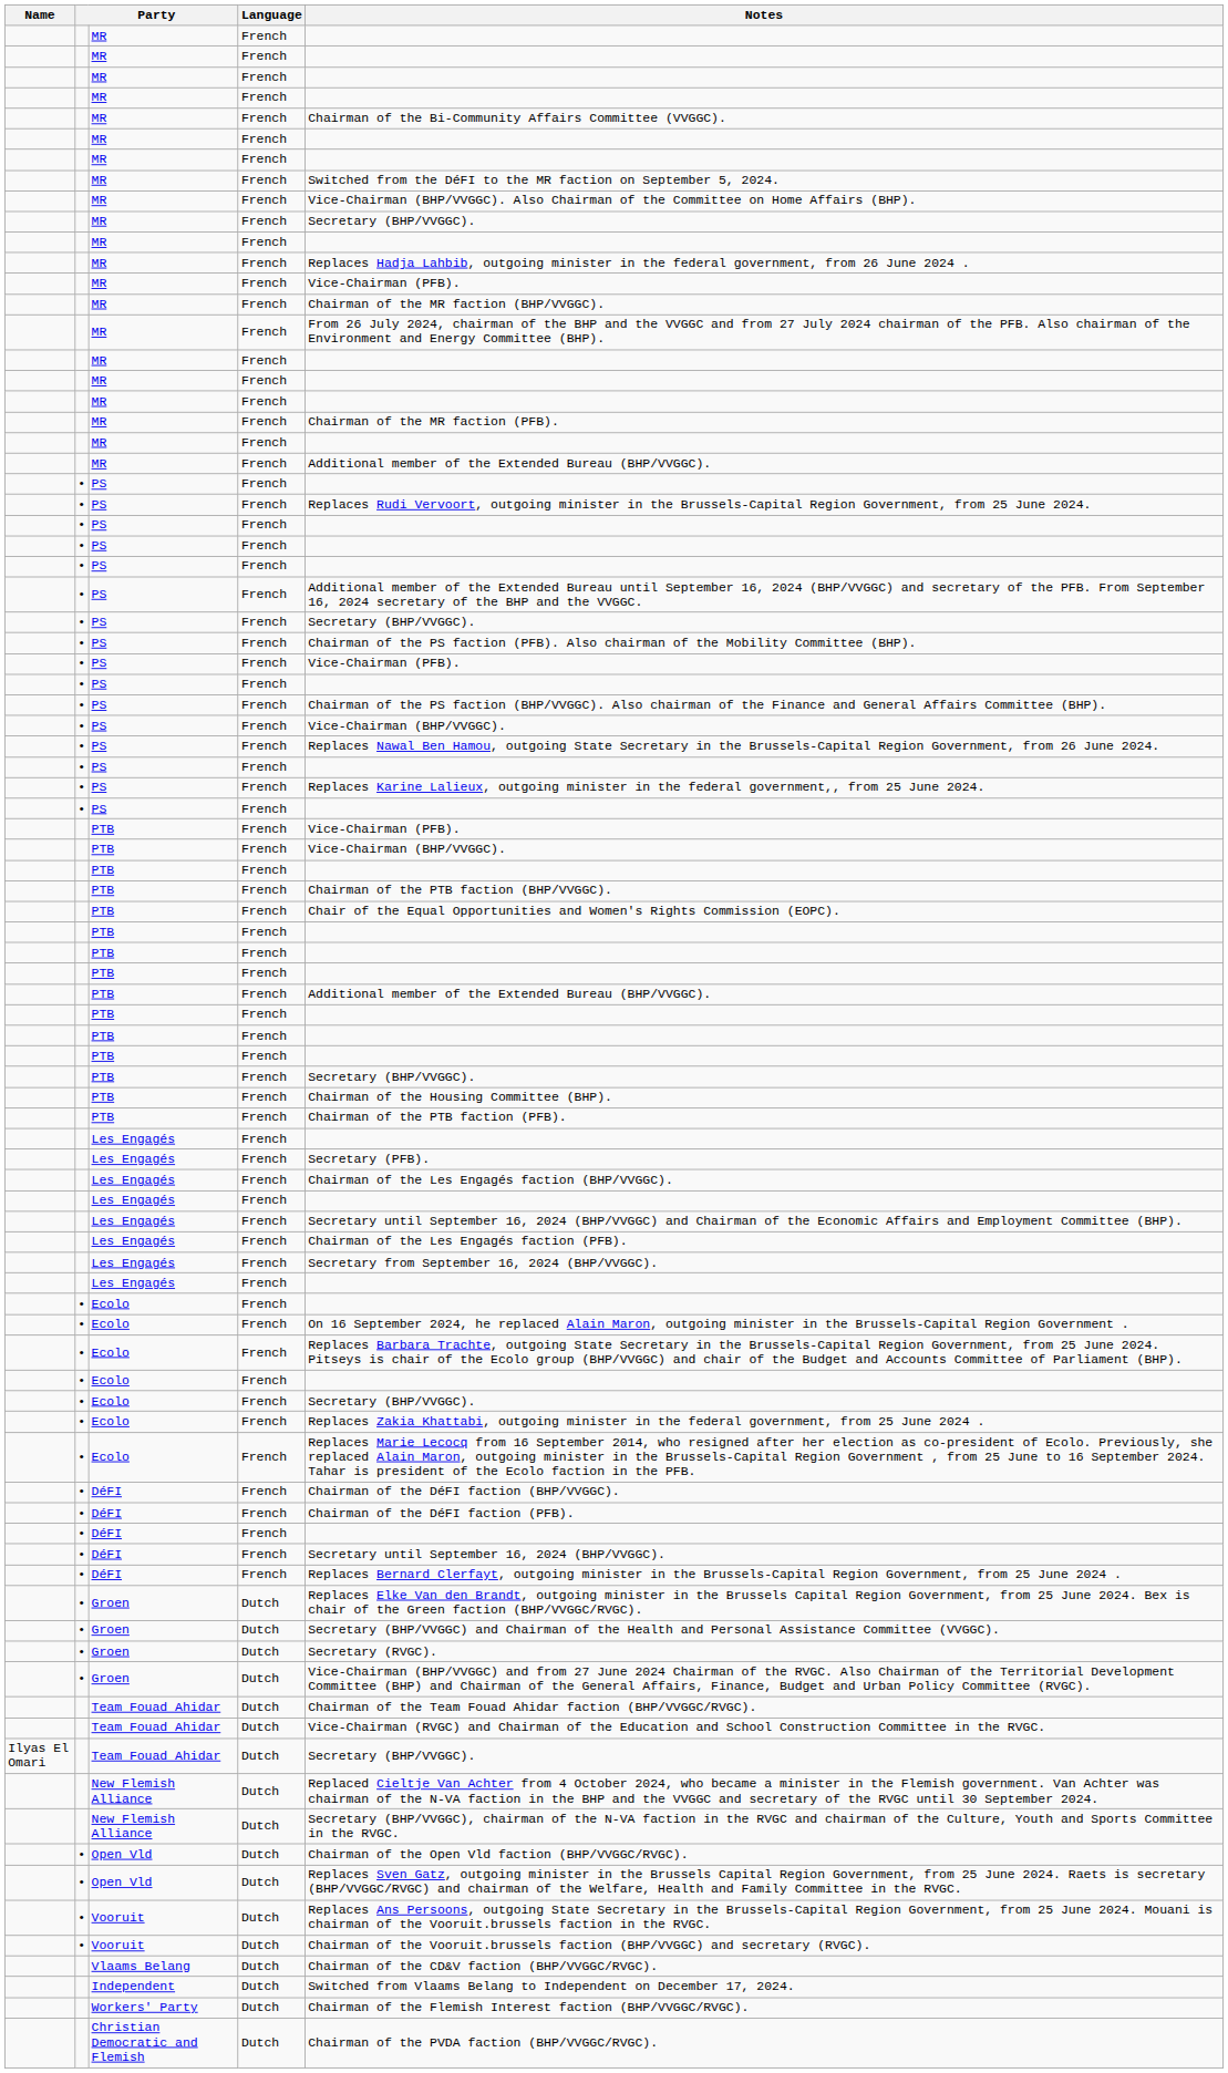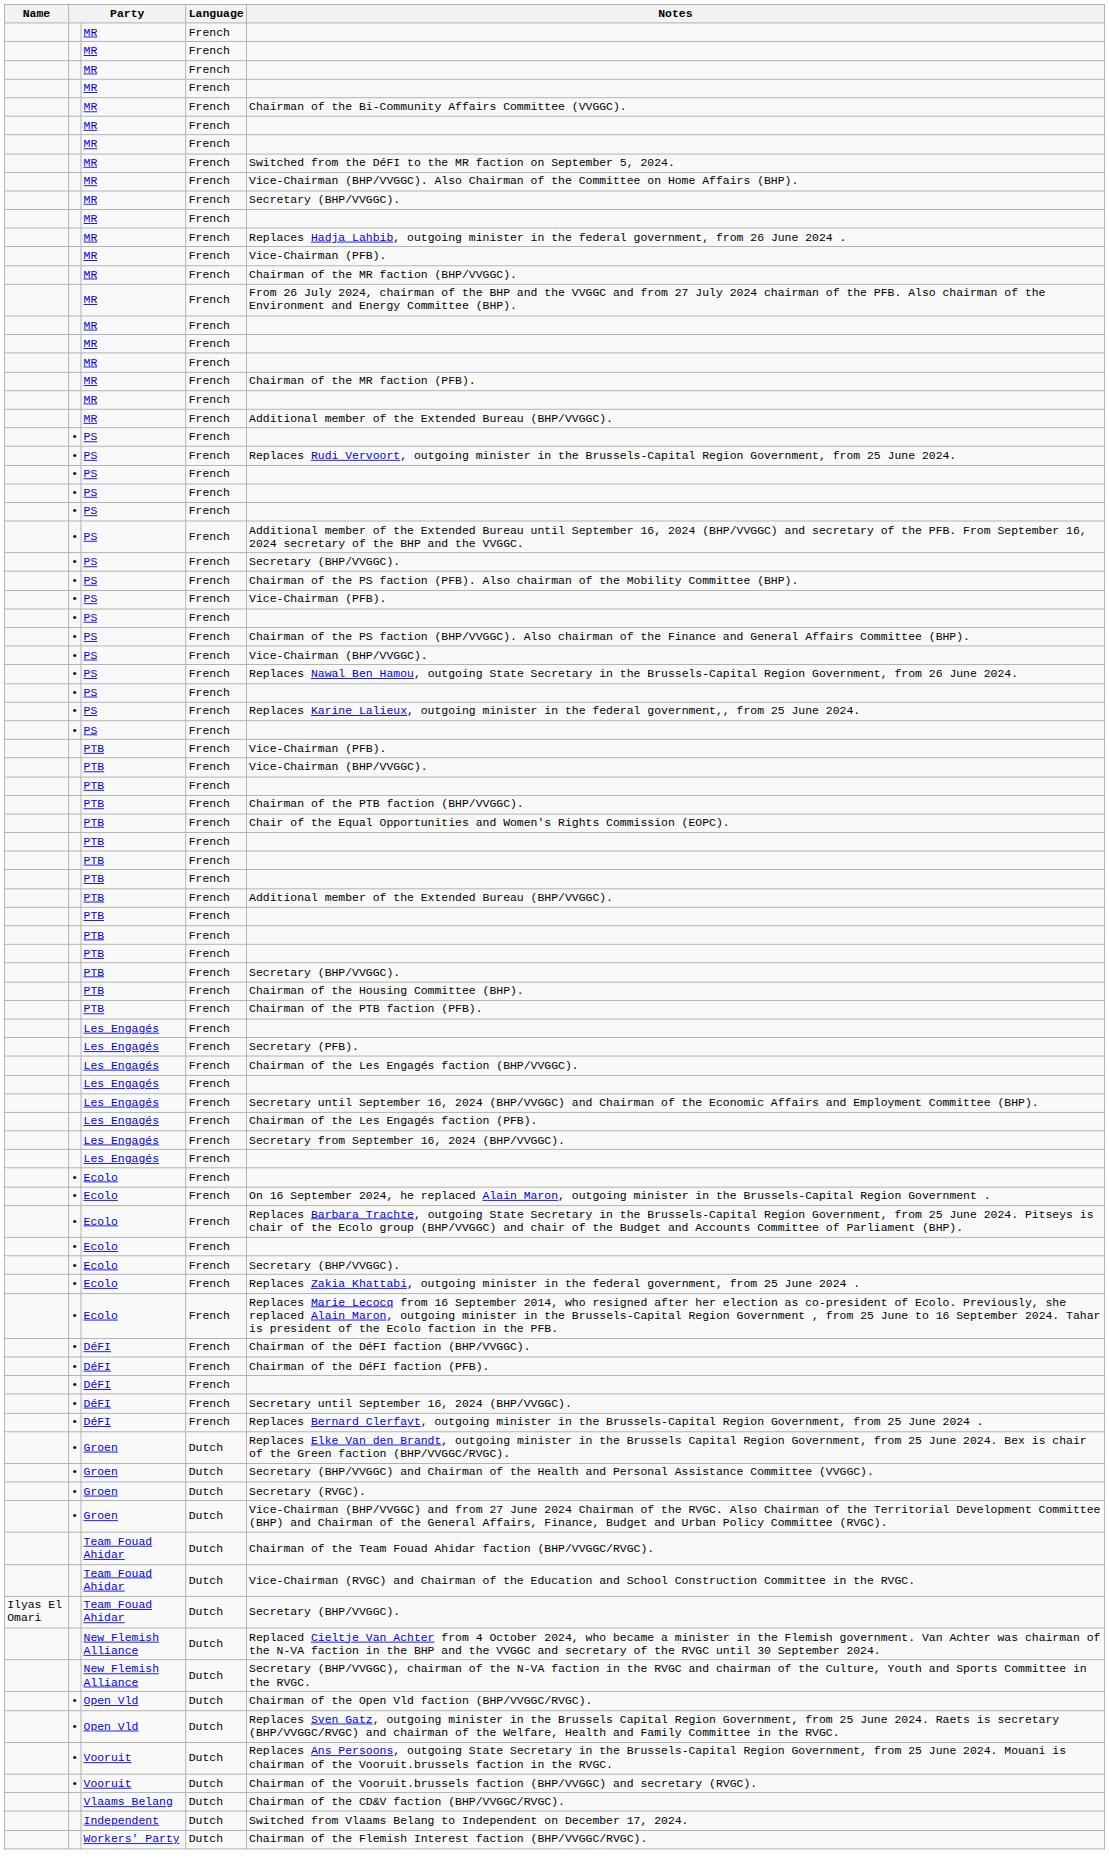 <table class="wikitable sortable">
 <tr>
 <th>Name</th>
 <th colspan="2">Party</th>
 <th>Language</th>
 <th>Notes</th>
 </tr>
 <tr>
 <td></td>
 <td></td>
 <td><a href='#'>MR</a></td>
 <td>French</td>
 <td></td>
 </tr>
 <tr>
 <td></td>
 <td></td>
 <td><a href='#'>MR</a></td>
 <td>French</td>
 <td></td>
 </tr>
 <tr>
 <td></td>
 <td></td>
 <td><a href='#'>MR</a></td>
 <td>French</td>
 <td></td>
 </tr>
 <tr>
 <td></td>
 <td></td>
 <td><a href='#'>MR</a></td>
 <td>French</td>
 <td></td>
 </tr>
 <tr>
 <td></td>
 <td></td>
 <td><a href='#'>MR</a></td>
 <td>French</td>
 <td>Chairman of the Bi-Community Affairs Committee (VVGGC).</td>
 </tr>
 <tr>
 <td></td>
 <td></td>
 <td><a href='#'>MR</a></td>
 <td>French</td>
 <td></td>
 </tr>
 <tr>
 <td></td>
 <td></td>
 <td><a href='#'>MR</a></td>
 <td>French</td>
 <td></td>
 </tr>
 <tr>
 <td></td>
 <td></td>
 <td><a href='#'>MR</a></td>
 <td>French</td>
 <td>Switched from the DéFI to the MR faction on September 5, 2024.</td>
 </tr>
 <tr>
 <td></td>
 <td></td>
 <td><a href='#'>MR</a></td>
 <td>French</td>
 <td>Vice-Chairman (BHP/VVGGC). Also Chairman of the Committee on Home Affairs (BHP).</td>
 </tr>
 <tr>
 <td></td>
 <td></td>
 <td><a href='#'>MR</a></td>
 <td>French</td>
 <td>Secretary (BHP/VVGGC).</td>
 </tr>
 <tr>
 <td></td>
 <td></td>
 <td><a href='#'>MR</a></td>
 <td>French</td>
 <td></td>
 </tr>
 <tr>
 <td></td>
 <td></td>
 <td><a href='#'>MR</a></td>
 <td>French</td>
 <td>Replaces <a href='#'>Hadja Lahbib</a>, outgoing minister in the federal government, from 26 June 2024 .</td>
 </tr>
 <tr>
 <td></td>
 <td></td>
 <td><a href='#'>MR</a></td>
 <td>French</td>
 <td>Vice-Chairman (PFB).</td>
 </tr>
 <tr>
 <td></td>
 <td></td>
 <td><a href='#'>MR</a></td>
 <td>French</td>
 <td>Chairman of the MR faction (BHP/VVGGC).</td>
 </tr>
 <tr>
 <td></td>
 <td></td>
 <td><a href='#'>MR</a></td>
 <td>French</td>
 <td>From 26 July 2024, chairman of the BHP and the VVGGC and from 27 July 2024 chairman of the PFB. Also chairman of the Environment and Energy Committee (BHP).</td>
 </tr>
 <tr>
 <td></td>
 <td></td>
 <td><a href='#'>MR</a></td>
 <td>French</td>
 <td></td>
 </tr>
 <tr>
 <td></td>
 <td></td>
 <td><a href='#'>MR</a></td>
 <td>French</td>
 <td></td>
 </tr>
 <tr>
 <td></td>
 <td></td>
 <td><a href='#'>MR</a></td>
 <td>French</td>
 <td></td>
 </tr>
 <tr>
 <td></td>
 <td></td>
 <td><a href='#'>MR</a></td>
 <td>French</td>
 <td>Chairman of the MR faction (PFB).</td>
 </tr>
 <tr>
 <td></td>
 <td></td>
 <td><a href='#'>MR</a></td>
 <td>French</td>
 <td></td>
 </tr>
 <tr>
 <td></td>
 <td></td>
 <td><a href='#'>MR</a></td>
 <td>French</td>
 <td>Additional member of the Extended Bureau (BHP/VVGGC).</td>
 </tr>
 <tr>
 <td></td>
 <td><span>•</span></td>
 <td><a href='#'>PS</a></td>
 <td>French</td>
 </tr>
 <tr>
 <td></td>
 <td><span>•</span></td>
 <td><a href='#'>PS</a></td>
 <td>French</td>
 <td>Replaces <a href='#'>Rudi Vervoort</a>, outgoing minister in the Brussels-Capital Region Government, from 25 June 2024.</td>
 </tr>
 <tr>
 <td></td>
 <td><span>•</span></td>
 <td><a href='#'>PS</a></td>
 <td>French</td>
 <td></td>
 </tr>
 <tr>
 <td></td>
 <td><span>•</span></td>
 <td><a href='#'>PS</a></td>
 <td>French</td>
 <td></td>
 </tr>
 <tr>
 <td></td>
 <td><span>•</span></td>
 <td><a href='#'>PS</a></td>
 <td>French</td>
 <td></td>
 </tr>
 <tr>
 <td></td>
 <td><span>•</span></td>
 <td><a href='#'>PS</a></td>
 <td>French</td>
 <td>Additional member of the Extended Bureau until September 16, 2024 (BHP/VVGGC) and secretary of the PFB. From September 16, 2024 secretary of the BHP and the VVGGC.</td>
 </tr>
 <tr>
 <td></td>
 <td><span>•</span></td>
 <td><a href='#'>PS</a></td>
 <td>French</td>
 <td>Secretary (BHP/VVGGC).</td>
 </tr>
 <tr>
 <td></td>
 <td><span>•</span></td>
 <td><a href='#'>PS</a></td>
 <td>French</td>
 <td>Chairman of the PS faction (PFB). Also chairman of the Mobility Committee (BHP).</td>
 </tr>
 <tr>
 <td></td>
 <td><span>•</span></td>
 <td><a href='#'>PS</a></td>
 <td>French</td>
 <td>Vice-Chairman (PFB).</td>
 </tr>
 <tr>
 <td></td>
 <td><span>•</span></td>
 <td><a href='#'>PS</a></td>
 <td>French</td>
 <td></td>
 </tr>
 <tr>
 <td></td>
 <td><span>•</span></td>
 <td><a href='#'>PS</a></td>
 <td>French</td>
 <td>Chairman of the PS faction (BHP/VVGGC). Also chairman of the Finance and General Affairs Committee (BHP).</td>
 </tr>
 <tr>
 <td></td>
 <td><span>•</span></td>
 <td><a href='#'>PS</a></td>
 <td>French</td>
 <td>Vice-Chairman (BHP/VVGGC).</td>
 </tr>
 <tr>
 <td></td>
 <td><span>•</span></td>
 <td><a href='#'>PS</a></td>
 <td>French</td>
 <td>Replaces <a href='#'>Nawal Ben Hamou</a>, outgoing State Secretary in the Brussels-Capital Region Government, from 26 June 2024.</td>
 </tr>
 <tr>
 <td></td>
 <td><span>•</span></td>
 <td><a href='#'>PS</a></td>
 <td>French</td>
 <td></td>
 </tr>
 <tr>
 <td></td>
 <td><span>•</span></td>
 <td><a href='#'>PS</a></td>
 <td>French</td>
 <td>Replaces <a href='#'>Karine Lalieux</a>, outgoing minister in the federal government,, from 25 June 2024.</td>
 </tr>
 <tr>
 <td></td>
 <td><span>•</span></td>
 <td><a href='#'>PS</a></td>
 <td>French</td>
 <td></td>
 </tr>
 <tr>
 <td></td>
 <td></td>
 <td><a href='#'>PTB</a></td>
 <td>French</td>
 <td>Vice-Chairman (PFB).</td>
 </tr>
 <tr>
 <td></td>
 <td></td>
 <td><a href='#'>PTB</a></td>
 <td>French</td>
 <td>Vice-Chairman (BHP/VVGGC).</td>
 </tr>
 <tr>
 <td></td>
 <td></td>
 <td><a href='#'>PTB</a></td>
 <td>French</td>
 <td></td>
 </tr>
 <tr>
 <td></td>
 <td></td>
 <td><a href='#'>PTB</a></td>
 <td>French</td>
 <td>Chairman of the PTB faction (BHP/VVGGC).</td>
 </tr>
 <tr>
 <td></td>
 <td></td>
 <td><a href='#'>PTB</a></td>
 <td>French</td>
 <td>Chair of the Equal Opportunities and Women's Rights Commission (EOPC).</td>
 </tr>
 <tr>
 <td></td>
 <td></td>
 <td><a href='#'>PTB</a></td>
 <td>French</td>
 <td></td>
 </tr>
 <tr>
 <td></td>
 <td></td>
 <td><a href='#'>PTB</a></td>
 <td>French</td>
 <td></td>
 </tr>
 <tr>
 <td></td>
 <td></td>
 <td><a href='#'>PTB</a></td>
 <td>French</td>
 <td></td>
 </tr>
 <tr>
 <td></td>
 <td></td>
 <td><a href='#'>PTB</a></td>
 <td>French</td>
 <td>Additional member of the Extended Bureau (BHP/VVGGC).</td>
 </tr>
 <tr>
 <td></td>
 <td></td>
 <td><a href='#'>PTB</a></td>
 <td>French</td>
 <td></td>
 </tr>
 <tr>
 <td></td>
 <td></td>
 <td><a href='#'>PTB</a></td>
 <td>French</td>
 <td></td>
 </tr>
 <tr>
 <td></td>
 <td></td>
 <td><a href='#'>PTB</a></td>
 <td>French</td>
 <td></td>
 </tr>
 <tr>
 <td></td>
 <td></td>
 <td><a href='#'>PTB</a></td>
 <td>French</td>
 <td>Secretary (BHP/VVGGC).</td>
 </tr>
 <tr>
 <td></td>
 <td></td>
 <td><a href='#'>PTB</a></td>
 <td>French</td>
 <td>Chairman of the Housing Committee (BHP).</td>
 </tr>
 <tr>
 <td></td>
 <td></td>
 <td><a href='#'>PTB</a></td>
 <td>French</td>
 <td>Chairman of the PTB faction (PFB).</td>
 </tr>
 <tr>
 <td></td>
 <td></td>
 <td><a href='#'>Les Engagés</a></td>
 <td>French</td>
 <td></td>
 </tr>
 <tr>
 <td></td>
 <td></td>
 <td><a href='#'>Les Engagés</a></td>
 <td>French</td>
 <td>Secretary (PFB).</td>
 </tr>
 <tr>
 <td></td>
 <td></td>
 <td><a href='#'>Les Engagés</a></td>
 <td>French</td>
 <td>Chairman of the Les Engagés faction (BHP/VVGGC).</td>
 </tr>
 <tr>
 <td></td>
 <td></td>
 <td><a href='#'>Les Engagés</a></td>
 <td>French</td>
 <td></td>
 </tr>
 <tr>
 <td></td>
 <td></td>
 <td><a href='#'>Les Engagés</a></td>
 <td>French</td>
 <td>Secretary until September 16, 2024 (BHP/VVGGC) and Chairman of the Economic Affairs and Employment Committee (BHP).</td>
 </tr>
 <tr>
 <td></td>
 <td></td>
 <td><a href='#'>Les Engagés</a></td>
 <td>French</td>
 <td>Chairman of the Les Engagés faction (PFB).</td>
 </tr>
 <tr>
 <td></td>
 <td></td>
 <td><a href='#'>Les Engagés</a></td>
 <td>French</td>
 <td>Secretary from September 16, 2024 (BHP/VVGGC).</td>
 </tr>
 <tr>
 <td></td>
 <td></td>
 <td><a href='#'>Les Engagés</a></td>
 <td>French</td>
 <td></td>
 </tr>
 <tr>
 <td></td>
 <td><span>•</span></td>
 <td><a href='#'>Ecolo</a></td>
 <td>French</td>
 <td></td>
 </tr>
 <tr>
 <td></td>
 <td><span>•</span></td>
 <td><a href='#'>Ecolo</a></td>
 <td>French</td>
 <td>On 16 September 2024, he replaced <a href='#'>Alain Maron</a>, outgoing minister in the Brussels-Capital Region Government .</td>
 </tr>
 <tr>
 <td></td>
 <td><span>•</span></td>
 <td><a href='#'>Ecolo</a></td>
 <td>French</td>
 <td>Replaces <a href='#'>Barbara Trachte</a>, outgoing State Secretary in the Brussels-Capital Region Government, from 25 June 2024. Pitseys is chair of the Ecolo group (BHP/VVGGC) and chair of the Budget and Accounts Committee of Parliament (BHP).</td>
 </tr>
 <tr>
 <td></td>
 <td><span>•</span></td>
 <td><a href='#'>Ecolo</a></td>
 <td>French</td>
 <td></td>
 </tr>
 <tr>
 <td></td>
 <td><span>•</span></td>
 <td><a href='#'>Ecolo</a></td>
 <td>French</td>
 <td>Secretary (BHP/VVGGC).</td>
 </tr>
 <tr>
 <td></td>
 <td><span>•</span></td>
 <td><a href='#'>Ecolo</a></td>
 <td>French</td>
 <td>Replaces <a href='#'>Zakia Khattabi</a>, outgoing minister in the federal government, from 25 June 2024 .</td>
 </tr>
 <tr>
 <td></td>
 <td><span>•</span></td>
 <td><a href='#'>Ecolo</a></td>
 <td>French</td>
 <td>Replaces <a href='#'>Marie Lecocq</a> from 16 September 2014, who resigned after her election as co-president of Ecolo. Previously, she replaced <a href='#'>Alain Maron</a>, outgoing minister in the Brussels-Capital Region Government , from 25 June to 16 September 2024. Tahar is president of the Ecolo faction in the PFB.</td>
 </tr>
 <tr>
 <td></td>
 <td><span>•</span></td>
 <td><a href='#'>DéFI</a></td>
 <td>French</td>
 <td>Chairman of the DéFI faction (BHP/VVGGC).</td>
 </tr>
 <tr>
 <td></td>
 <td><span>•</span></td>
 <td><a href='#'>DéFI</a></td>
 <td>French</td>
 <td>Chairman of the DéFI faction (PFB).</td>
 </tr>
 <tr>
 <td></td>
 <td><span>•</span></td>
 <td><a href='#'>DéFI</a></td>
 <td>French</td>
 <td></td>
 </tr>
 <tr>
 <td></td>
 <td><span>•</span></td>
 <td><a href='#'>DéFI</a></td>
 <td>French</td>
 <td>Secretary until September 16, 2024 (BHP/VVGGC).</td>
 </tr>
 <tr>
 <td></td>
 <td><span>•</span></td>
 <td><a href='#'>DéFI</a></td>
 <td>French</td>
 <td>Replaces <a href='#'>Bernard Clerfayt</a>, outgoing minister in the Brussels-Capital Region Government, from 25 June 2024 .</td>
 </tr>
 <tr>
 <td></td>
 <td><span>•</span></td>
 <td><a href='#'>Groen</a></td>
 <td>Dutch</td>
 <td>Replaces <a href='#'>Elke Van den Brandt</a>, outgoing minister in the Brussels Capital Region Government, from 25 June 2024. Bex is chair of the Green faction (BHP/VVGGC/RVGC).</td>
 </tr>
 <tr>
 <td></td>
 <td><span>•</span></td>
 <td><a href='#'>Groen</a></td>
 <td>Dutch</td>
 <td>Secretary (BHP/VVGGC) and Chairman of the Health and Personal Assistance Committee (VVGGC).</td>
 </tr>
 <tr>
 <td></td>
 <td><span>•</span></td>
 <td><a href='#'>Groen</a></td>
 <td>Dutch</td>
 <td>Secretary (RVGC).</td>
 </tr>
 <tr>
 <td></td>
 <td><span>•</span></td>
 <td><a href='#'>Groen</a></td>
 <td>Dutch</td>
 <td>Vice-Chairman (BHP/VVGGC) and from 27 June 2024 Chairman of the RVGC. Also Chairman of the Territorial Development Committee (BHP) and Chairman of the General Affairs, Finance, Budget and Urban Policy Committee (RVGC).</td>
 </tr>
 <tr>
 <td></td>
 <td></td>
 <td><a href='#'>Team Fouad Ahidar</a></td>
 <td>Dutch</td>
 <td>Chairman of the Team Fouad Ahidar faction (BHP/VVGGC/RVGC).</td>
 </tr>
 <tr>
 <td></td>
 <td></td>
 <td><a href='#'>Team Fouad Ahidar</a></td>
 <td>Dutch</td>
 <td>Vice-Chairman (RVGC) and Chairman of the Education and School Construction Committee in the RVGC.</td>
 </tr>
 <tr>
 <td Sortname>Ilyas El Omari</td>
 <td></td>
 <td><a href='#'>Team Fouad Ahidar</a></td>
 <td>Dutch</td>
 <td>Secretary (BHP/VVGGC).</td>
 </tr>
 <tr>
 <td></td>
 <td> </td>
 <td><a href='#'>New Flemish Alliance</a></td>
 <td>Dutch</td>
 <td>Replaced <a href='#'>Cieltje Van Achter</a> from 4 October 2024, who became a minister in the Flemish government. Van Achter was chairman of the N-VA faction in the BHP and the VVGGC and secretary of the RVGC until 30 September 2024.</td>
 </tr>
 <tr>
 <td></td>
 <td> </td>
 <td><a href='#'>New Flemish Alliance</a></td>
 <td>Dutch</td>
 <td>Secretary (BHP/VVGGC), chairman of the N-VA faction in the RVGC and chairman of the Culture, Youth and Sports Committee in the RVGC.</td>
 </tr>
 <tr>
 <td></td>
 <td><span>•</span></td>
 <td><a href='#'>Open Vld</a></td>
 <td>Dutch</td>
 <td>Chairman of the Open Vld faction (BHP/VVGGC/RVGC).</td>
 </tr>
 <tr>
 <td></td>
 <td><span>•</span></td>
 <td><a href='#'>Open Vld</a></td>
 <td>Dutch</td>
 <td>Replaces <a href='#'>Sven Gatz</a>, outgoing minister in the Brussels Capital Region Government, from 25 June 2024. Raets is secretary (BHP/VVGGC/RVGC) and chairman of the Welfare, Health and Family Committee in the RVGC.</td>
 </tr>
 <tr>
 <td></td>
 <td><span>•</span></td>
 <td><a href='#'>Vooruit</a></td>
 <td>Dutch</td>
 <td>Replaces <a href='#'>Ans Persoons</a>, outgoing State Secretary in the Brussels-Capital Region Government, from 25 June 2024. Mouani is chairman of the Vooruit.brussels faction in the RVGC.</td>
 </tr>
 <tr>
 <td></td>
 <td><span>•</span></td>
 <td><a href='#'>Vooruit</a></td>
 <td>Dutch</td>
 <td>Chairman of the Vooruit.brussels faction (BHP/VVGGC) and secretary (RVGC).</td>
 </tr>
 <tr>
 <td></td>
 <td> </td>
 <td><a href='#'>Vlaams Belang</a></td>
 <td>Dutch</td>
 <td>Chairman of the CD&V faction (BHP/VVGGC/RVGC).</td>
 </tr>
 <tr>
 <td></td>
 <td> </td>
 <td><a href='#'>Independent</a></td>
 <td>Dutch</td>
 <td>Switched from Vlaams Belang to Independent on December 17, 2024.</td>
 </tr>
 <tr>
 <td></td>
 <td></td>
 <td><a href='#'>Workers' Party</a></td>
 <td>Dutch</td>
 <td>Chairman of the Flemish Interest faction (BHP/VVGGC/RVGC).</td>
 </tr>
-<tr>
-<td></td>
-<td> </td>
-<td><a href='#'>Christian Democratic and Flemish</a></td>
-<td>Dutch</td>
-<td>Chairman of the PVDA faction (BHP/VVGGC/RVGC).</td>
-</tr>
 </table>
